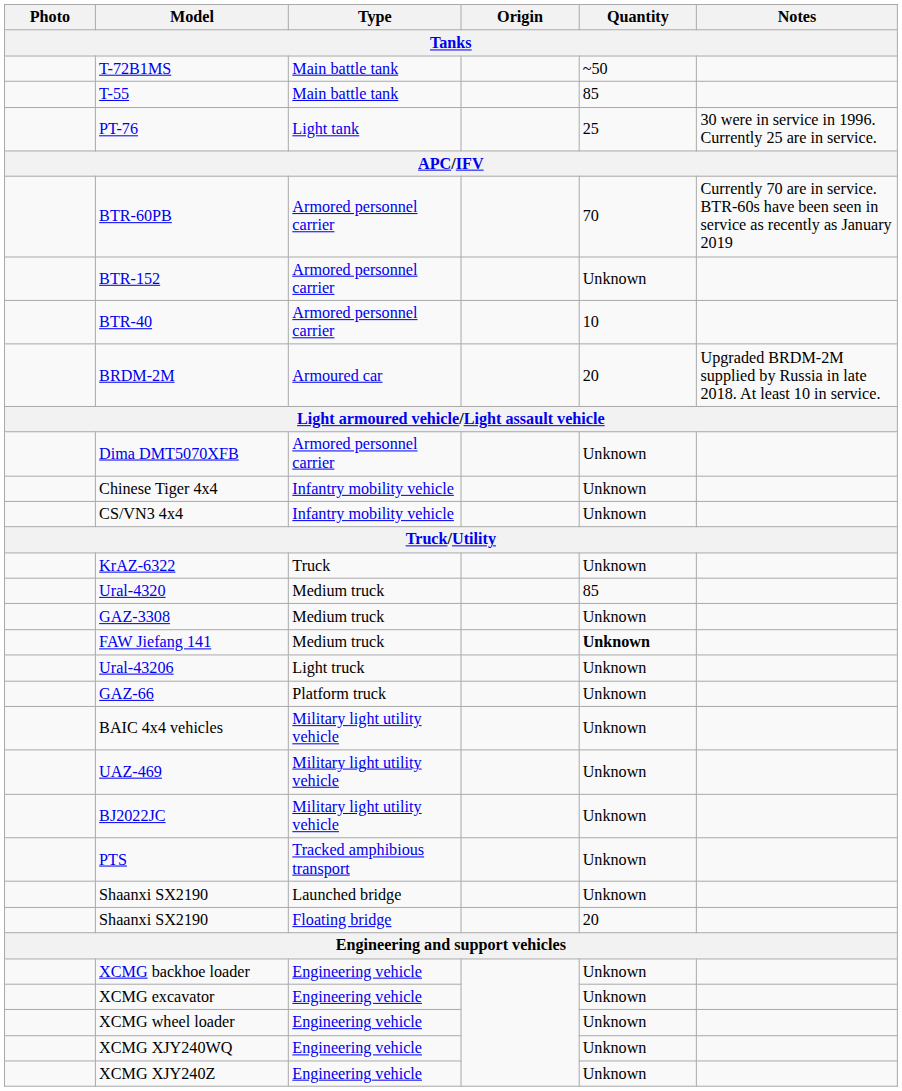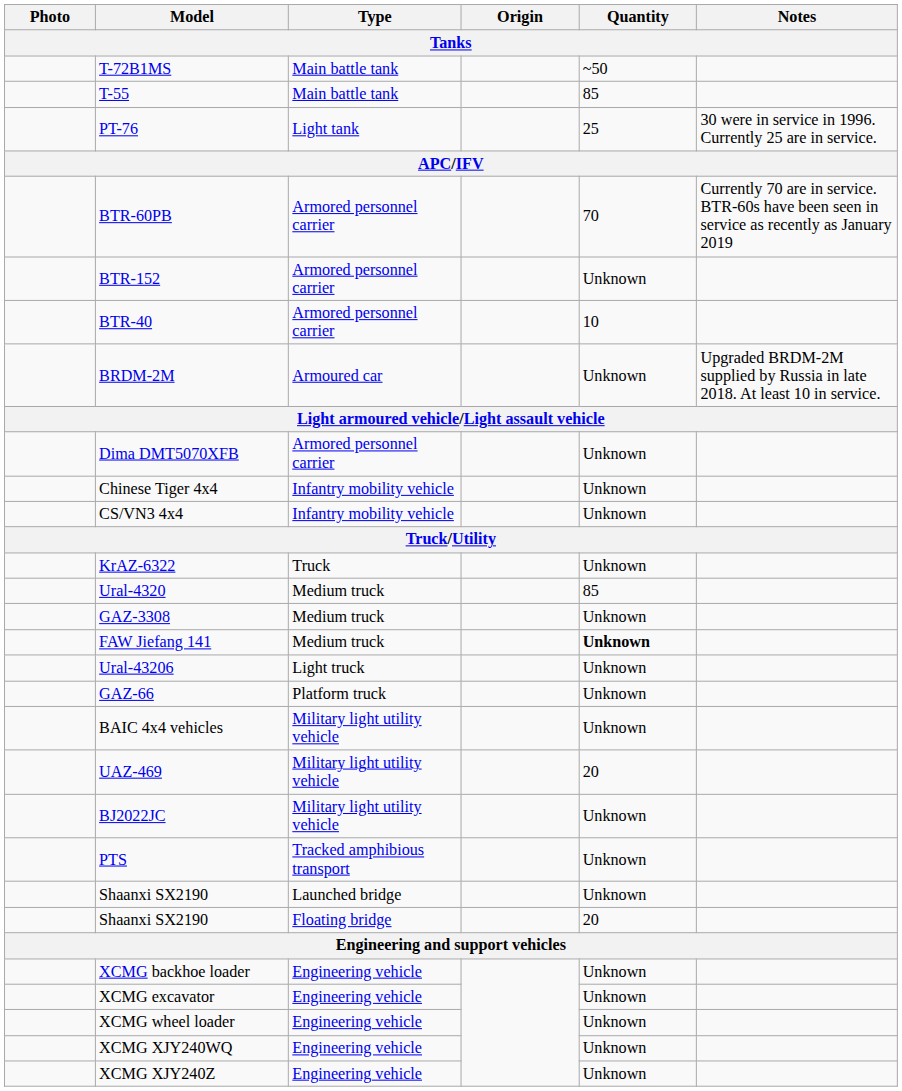 <table class="wikitable" style="border-collapse: collapse;" width="70%">
 <tr>
 <th width="2%">Photo</th>
 <th width="4%">Model</th>
 <th width="4%">Type</th>
 <th width="3%">Origin</th>
 <th width="2%">Quantity</th>
 <th width="6%">Notes</th>
 </tr>
 <tr>
 <th style="align: center;" colspan="7"><a href='#'>Tanks</a></th>
 </tr>
 <tr>
 <td></td>
 <td><a href='#'>T-72B1MS</a></td>
 <td><a href='#'>Main battle tank</a></td>
 <td></td>
 <td>~50</td>
 <td></td>
 </tr>
 <tr>
 <td></td>
 <td><a href='#'>T-55</a></td>
 <td><a href='#'>Main battle tank</a></td>
 <td><br></td>
 <td>85</td>
 <td></td>
 </tr>
 <tr>
 <td></td>
 <td><a href='#'>PT-76</a></td>
 <td><a href='#'>Light tank</a></td>
 <td></td>
 <td>25</td>
 <td>30 were in service in 1996. Currently 25 are in service.</td>
 </tr>
 <tr>
 <th style="align: center;" colspan="7"><a href='#'>APC</a>/<a href='#'>IFV</a></th>
 </tr>
 <tr>
 <td></td>
 <td><a href='#'>BTR-60PB</a></td>
 <td><a href='#'>Armored personnel carrier</a></td>
 <td></td>
 <td>70</td>
 <td>Currently 70 are in service. BTR-60s have been seen in service as recently as January 2019</td>
 </tr>
 <tr>
 <td></td>
 <td><a href='#'>BTR-152</a></td>
 <td><a href='#'>Armored personnel carrier</a></td>
 <td></td>
 <td>Unknown</td>
 <td></td>
 </tr>
 <tr>
 <td></td>
 <td><a href='#'>BTR-40</a></td>
 <td><a href='#'>Armored personnel carrier</a></td>
 <td></td>
 <td>10</td>
 <td></td>
 </tr>
 <tr>
 <td></td>
 <td><a href='#'>BRDM-2M</a></td>
 <td><a href='#'>Armoured car</a></td>
 <td> </td>
-<td>20</td>
+<td>Unknown</td>
 <td>Upgraded BRDM-2M supplied by Russia in late 2018. At least 10 in service.</td>
 </tr>
 <tr>
 <th style="align: center;" colspan="7"><a href='#'>Light armoured vehicle</a>/<a href='#'>Light assault vehicle</a></th>
 </tr>
 <tr>
 <td></td>
 <td><a href='#'>Dima DMT5070XFB</a></td>
 <td><a href='#'>Armored personnel carrier</a></td>
 <td></td>
 <td>Unknown</td>
 <td></td>
 </tr>
 <tr>
 <td></td>
 <td>Chinese Tiger 4x4</td>
 <td><a href='#'>Infantry mobility vehicle</a></td>
 <td></td>
 <td>Unknown</td>
 <td></td>
 </tr>
 <tr>
 <td></td>
 <td>CS/VN3 4x4</td>
 <td><a href='#'>Infantry mobility vehicle</a></td>
 <td></td>
 <td>Unknown</td>
 <td></td>
 </tr>
 <tr>
 <th style="align: center;" colspan="7"><a href='#'>Truck</a>/<a href='#'>Utility</a></th>
 </tr>
 <tr>
 <td></td>
 <td><a href='#'>KrAZ-6322</a></td>
 <td>Truck</td>
 <td></td>
 <td>Unknown</td>
 <td></td>
 </tr>
 <tr>
 <td></td>
 <td><a href='#'>Ural-4320</a></td>
 <td>Medium truck</td>
 <td></td>
 <td>85</td>
 <td></td>
 </tr>
 <tr>
 <td></td>
 <td><a href='#'>GAZ-3308</a></td>
 <td>Medium truck</td>
 <td></td>
 <td>Unknown</td>
 <td></td>
 </tr>
 <tr>
 <td></td>
 <td><a href='#'>FAW Jiefang 141</a></td>
 <td>Medium truck</td>
 <td></td>
 <td><strong>Unknown</strong></td>
 <td></td>
 </tr>
 <tr>
 <td></td>
 <td><a href='#'>Ural-43206</a></td>
 <td>Light truck</td>
 <td></td>
 <td>Unknown</td>
 <td></td>
 </tr>
 <tr>
 <td></td>
 <td><a href='#'>GAZ-66</a></td>
 <td>Platform truck</td>
 <td></td>
 <td>Unknown</td>
 <td></td>
 </tr>
 <tr>
 <td></td>
 <td>BAIC 4x4 vehicles</td>
 <td><a href='#'>Military light utility vehicle</a></td>
 <td></td>
 <td>Unknown</td>
 <td></td>
 </tr>
 <tr>
 <td></td>
 <td><a href='#'>UAZ-469</a></td>
 <td><a href='#'>Military light utility vehicle</a></td>
 <td></td>
-<td>Unknown</td>
+<td>20</td>
 <td></td>
 </tr>
 <tr>
 <td></td>
 <td><a href='#'>BJ2022JC</a></td>
 <td><a href='#'>Military light utility vehicle</a></td>
 <td></td>
 <td>Unknown</td>
 <td></td>
 </tr>
 <tr>
 <td></td>
 <td><a href='#'>PTS</a></td>
 <td><a href='#'>Tracked amphibious transport</a></td>
 <td></td>
 <td>Unknown</td>
 <td></td>
 </tr>
 <tr>
 <td></td>
 <td>Shaanxi SX2190</td>
 <td>Launched bridge</td>
 <td></td>
 <td>Unknown</td>
 <td></td>
 </tr>
 <tr>
 <td></td>
 <td>Shaanxi SX2190</td>
 <td><a href='#'>Floating bridge</a></td>
 <td></td>
 <td>20</td>
 <td></td>
 </tr>
 <tr>
 <th style="align: center;" colspan="7">Engineering and support vehicles</th>
 </tr>
 <tr>
 <td></td>
 <td><a href='#'>XCMG</a> backhoe loader</td>
 <td><a href='#'>Engineering vehicle</a></td>
 <td rowspan="5"></td>
 <td>Unknown</td>
 <td></td>
 </tr>
 <tr>
 <td></td>
 <td>XCMG excavator</td>
 <td><a href='#'>Engineering vehicle</a></td>
 <td>Unknown</td>
 <td></td>
 </tr>
 <tr>
 <td></td>
 <td>XCMG wheel loader</td>
 <td><a href='#'>Engineering vehicle</a></td>
 <td>Unknown</td>
 <td></td>
 </tr>
 <tr>
 <td></td>
 <td>XCMG XJY240WQ</td>
 <td><a href='#'>Engineering vehicle</a></td>
 <td>Unknown</td>
 <td></td>
 </tr>
 <tr>
 <td></td>
 <td>XCMG XJY240Z</td>
 <td><a href='#'>Engineering vehicle</a></td>
 <td>Unknown</td>
 <td></td>
 </tr>
 </table>
